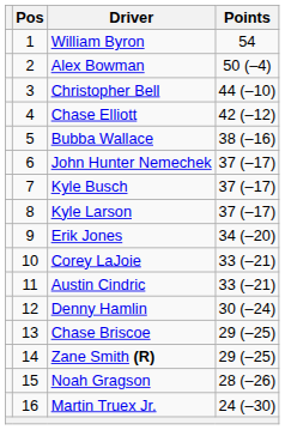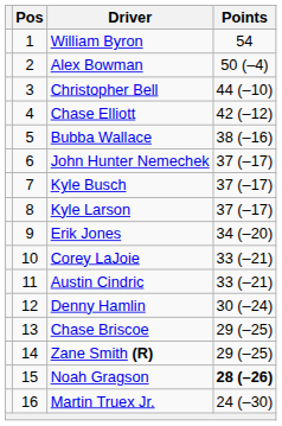 <table class="wikitable" style="font-size: 95%;">
 <tr>
 <th></th>
 <th>Pos</th>
 <th>Driver</th>
 <th>Points</th>
 </tr>
 <tr>
 <td align="left"></td>
 <td style="text-align:center;">1</td>
 <td><a href='#'>William Byron</a></td>
 <td style="text-align:center;">54</td>
 </tr>
 <tr>
 <td align="left"></td>
 <td style="text-align:center;">2</td>
 <td><a href='#'>Alex Bowman</a></td>
 <td style="text-align:center;">50 (–4)</td>
 </tr>
 <tr>
 <td align="left"></td>
 <td style="text-align:center;">3</td>
 <td><a href='#'>Christopher Bell</a></td>
 <td style="text-align:center;">44 (–10)</td>
 </tr>
 <tr>
 <td align="left"></td>
 <td style="text-align:center;">4</td>
 <td><a href='#'>Chase Elliott</a></td>
 <td style="text-align:center;">42 (–12)</td>
 </tr>
 <tr>
 <td align="left"></td>
 <td style="text-align:center;">5</td>
 <td><a href='#'>Bubba Wallace</a></td>
 <td style="text-align:center;">38 (–16)</td>
 </tr>
 <tr>
 <td align="left"></td>
 <td style="text-align:center;">6</td>
 <td><a href='#'>John Hunter Nemechek</a></td>
 <td style="text-align:center;">37 (–17)</td>
 </tr>
 <tr>
 <td align="left"></td>
 <td style="text-align:center;">7</td>
 <td><a href='#'>Kyle Busch</a></td>
 <td style="text-align:center;">37 (–17)</td>
 </tr>
 <tr>
 <td align="left"></td>
 <td style="text-align:center;">8</td>
 <td><a href='#'>Kyle Larson</a></td>
 <td style="text-align:center;">37 (–17)</td>
 </tr>
 <tr>
 <td align="left"></td>
 <td style="text-align:center;">9</td>
 <td><a href='#'>Erik Jones</a></td>
 <td style="text-align:center;">34 (–20)</td>
 </tr>
 <tr>
 <td align="left"></td>
 <td style="text-align:center;">10</td>
 <td><a href='#'>Corey LaJoie</a></td>
 <td style="text-align:center;">33 (–21)</td>
 </tr>
 <tr>
 <td align="left"></td>
 <td style="text-align:center;">11</td>
 <td><a href='#'>Austin Cindric</a></td>
 <td style="text-align:center;">33 (–21)</td>
 </tr>
 <tr>
 <td align="left"></td>
 <td style="text-align:center;">12</td>
 <td><a href='#'>Denny Hamlin</a></td>
 <td style="text-align:center;">30 (–24)</td>
 </tr>
 <tr>
 <td align="left"></td>
 <td style="text-align:center;">13</td>
 <td><a href='#'>Chase Briscoe</a></td>
 <td style="text-align:center;">29 (–25)</td>
 </tr>
 <tr>
 <td align="left"></td>
 <td style="text-align:center;">14</td>
 <td><a href='#'>Zane Smith</a> <strong>(R)</strong></td>
 <td style="text-align:center;">29 (–25)</td>
 </tr>
 <tr>
 <td align="left"></td>
 <td style="text-align:center;">15</td>
 <td><a href='#'>Noah Gragson</a></td>
-<td style="text-align:center;">28 (–26)</td>
+<td style="text-align:center;"><strong>28 (–26)</strong></td>
 </tr>
 <tr>
 <td align="left"></td>
 <td style="text-align:center;">16</td>
 <td><a href='#'>Martin Truex Jr.</a></td>
 <td style="text-align:center;">24 (–30)</td>
 </tr>
 <tr class="sortbottom">
 <th colspan="9"></th>
 </tr>
 </table>
